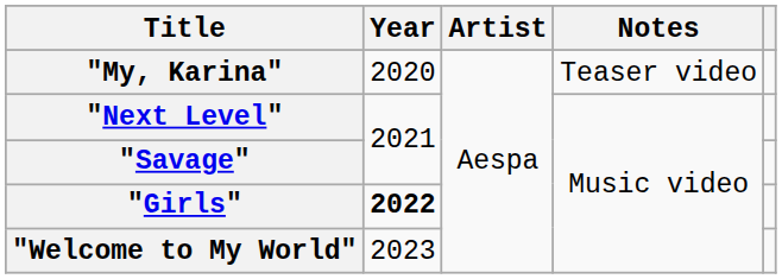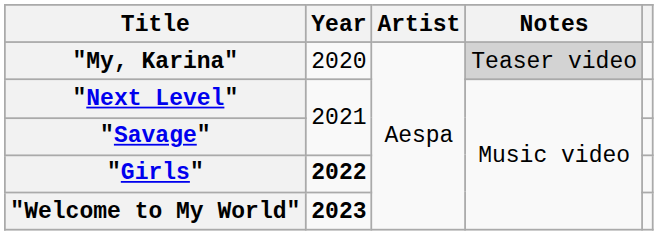 <table class="wikitable plainrowheaders" style="text-align:center">
 <tr>
 <th scope="col">Title</th>
 <th scope="col">Year</th>
 <th scope="col">Artist</th>
 <th scope="col">Notes</th>
 <th scope="col"></th>
 </tr>
 <tr>
 <th scope="row">"My, Karina"</th>
 <td>2020</td>
 <td rowspan="5">Aespa</td>
-<td>Teaser video</td>
+<td style="background: lightgrey;">Teaser video</td>
 <td></td>
 </tr>
 <tr>
 <th scope="row">"<a href='#'>Next Level</a>"</th>
 <td rowspan="2">2021</td>
 <td rowspan="4">Music video</td>
 <td></td>
 </tr>
 <tr>
 <th scope="row">"<a href='#'>Savage</a>"</th>
 <td></td>
 </tr>
 <tr>
 <th scope="row">"<a href='#'>Girls</a>"</th>
 <td><strong>2022</strong></td>
 <td></td>
 </tr>
 <tr>
 <th scope="row">"Welcome to My World"</th>
-<td>2023</td>
+<td><strong>2023</strong></td>
 <td></td>
 </tr>
 </table>
